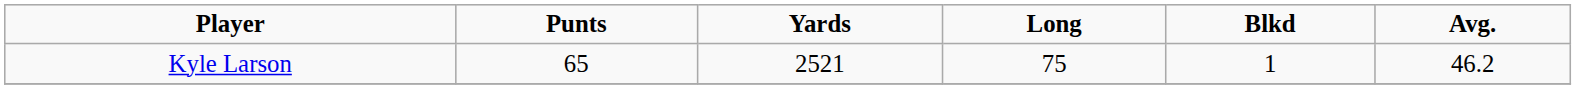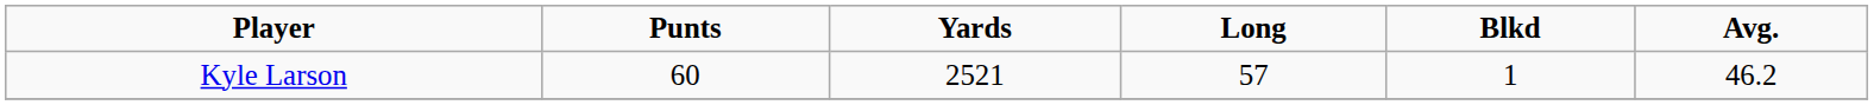 <table class="wikitable" width="80%">
 <tr align="center">
 <td><strong>Player</strong></td>
 <td><strong>Punts</strong></td>
 <td><strong>Yards</strong></td>
 <td><strong>Long</strong></td>
 <td><strong>Blkd</strong></td>
 <td><strong>Avg.</strong></td>
 </tr>
 <tr align="center" bgcolor="">
 <td><a href='#'>Kyle Larson</a></td>
-<td>65</td>
+<td>60</td>
 <td>2521</td>
-<td>75</td>
+<td>57</td>
 <td>1</td>
 <td>46.2</td>
 </tr>
 <tr align="center" bgcolor="">
 </tr>
 </table>
